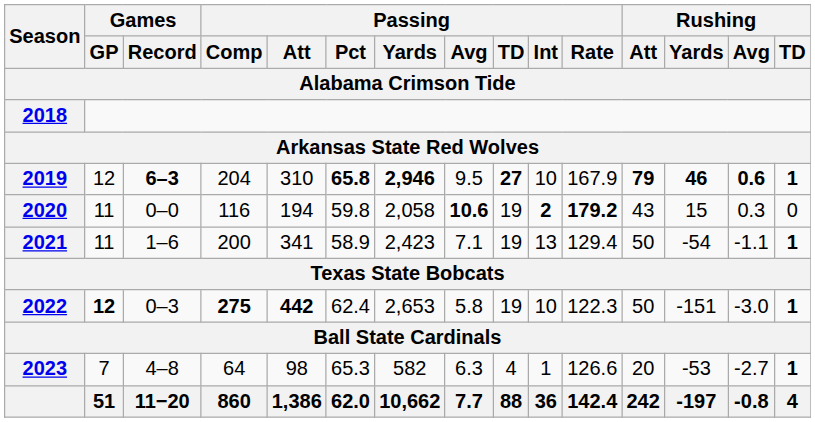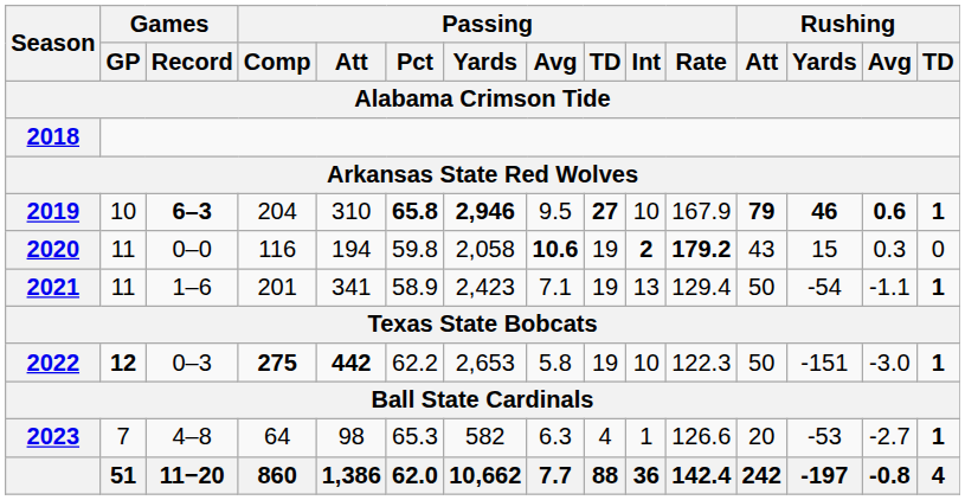 <table class="wikitable" style="text-align:center;">
 <tr>
 <th rowspan="2">Season</th>
 <th colspan="2">Games</th>
 <th colspan="8">Passing</th>
 <th colspan="4">Rushing</th>
 </tr>
 <tr>
 <th>GP</th>
 <th>Record</th>
 <th>Comp</th>
 <th>Att</th>
 <th>Pct</th>
 <th>Yards</th>
 <th>Avg</th>
 <th>TD</th>
 <th>Int</th>
 <th>Rate</th>
 <th>Att</th>
 <th>Yards</th>
 <th>Avg</th>
 <th>TD</th>
 </tr>
 <tr>
 <th colspan="16">Alabama Crimson Tide</th>
 </tr>
 <tr>
 <th><a href='#'>2018</a></th>
 <td colspan="15"></td>
 </tr>
 <tr>
 <th colspan="16">Arkansas State Red Wolves</th>
 </tr>
 <tr>
 <th><a href='#'>2019</a></th>
-<td>12</td>
+<td>10</td>
 <td><strong>6–3</strong></td>
 <td>204</td>
 <td>310</td>
 <td><strong>65.8</strong></td>
 <td><strong>2,946</strong></td>
 <td>9.5</td>
 <td><strong>27</strong></td>
 <td>10</td>
 <td>167.9</td>
 <td><strong>79</strong></td>
 <td><strong>46</strong></td>
 <td><strong>0.6</strong></td>
 <td><strong>1</strong></td>
 </tr>
 <tr>
 <th><a href='#'>2020</a></th>
 <td>11</td>
 <td>0–0</td>
 <td>116</td>
 <td>194</td>
 <td>59.8</td>
 <td>2,058</td>
 <td><strong>10.6</strong></td>
 <td>19</td>
 <td><strong>2</strong></td>
 <td><strong>179.2</strong></td>
 <td>43</td>
 <td>15</td>
 <td>0.3</td>
 <td>0</td>
 </tr>
 <tr>
 <th><a href='#'>2021</a></th>
 <td>11</td>
 <td>1–6</td>
-<td>200</td>
+<td>201</td>
 <td>341</td>
 <td>58.9</td>
 <td>2,423</td>
 <td>7.1</td>
 <td>19</td>
 <td>13</td>
 <td>129.4</td>
 <td>50</td>
 <td>-54</td>
 <td>-1.1</td>
 <td><strong>1</strong></td>
 </tr>
 <tr>
 <th colspan="16">Texas State Bobcats</th>
 </tr>
 <tr>
 <th><a href='#'>2022</a></th>
 <td><strong>12</strong></td>
 <td>0–3</td>
 <td><strong>275</strong></td>
 <td><strong>442</strong></td>
-<td>62.4</td>
+<td>62.2</td>
 <td>2,653</td>
 <td>5.8</td>
 <td>19</td>
 <td>10</td>
 <td>122.3</td>
 <td>50</td>
 <td>-151</td>
 <td>-3.0</td>
 <td><strong>1</strong></td>
 </tr>
 <tr>
 <th colspan="16">Ball State Cardinals</th>
 </tr>
 <tr>
 <th><a href='#'>2023</a></th>
 <td>7</td>
 <td>4–8</td>
 <td>64</td>
 <td>98</td>
 <td>65.3</td>
 <td>582</td>
 <td>6.3</td>
 <td>4</td>
 <td>1</td>
 <td>126.6</td>
 <td>20</td>
 <td>-53</td>
 <td>-2.7</td>
 <td><strong>1</strong></td>
 </tr>
 <tr>
 <th></th>
 <th>51</th>
 <th>11−20</th>
 <th>860</th>
 <th>1,386</th>
 <th>62.0</th>
 <th>10,662</th>
 <th>7.7</th>
 <th>88</th>
 <th>36</th>
 <th>142.4</th>
 <th>242</th>
 <th>-197</th>
 <th>-0.8</th>
 <th>4</th>
 </tr>
 </table>
